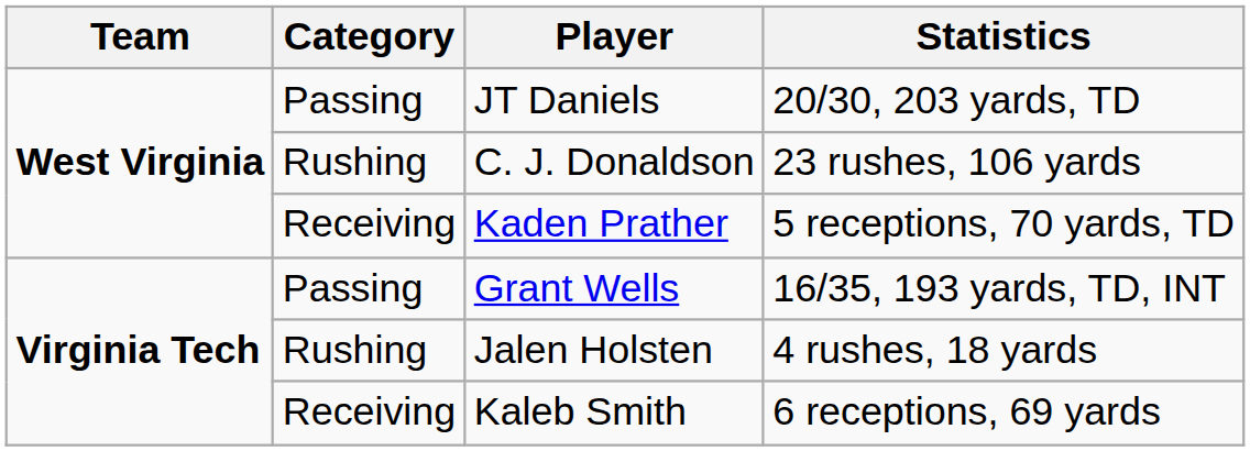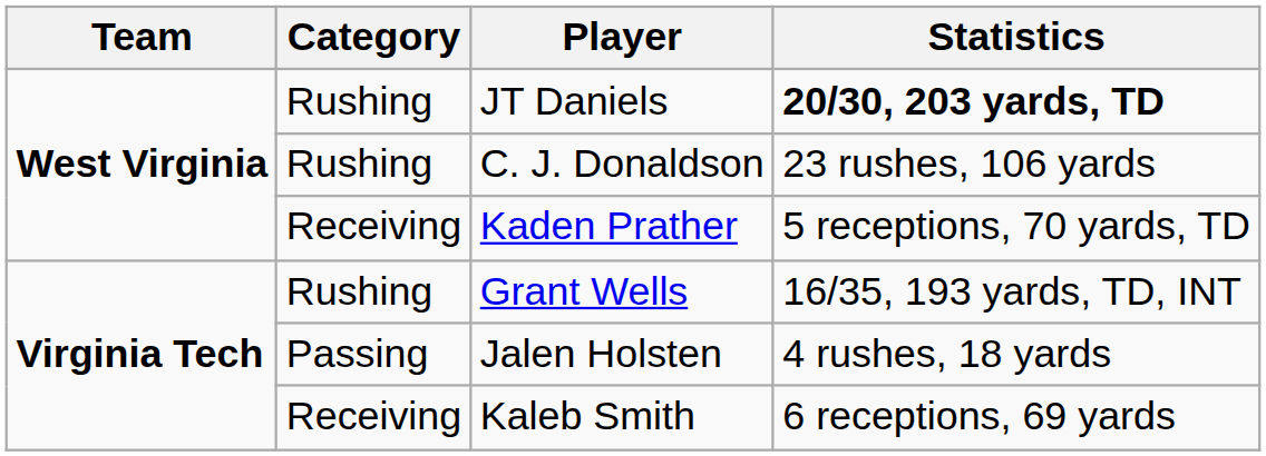 <table class="wikitable" style="float: right;">
 <tr>
 <th>Team</th>
 <th>Category</th>
 <th>Player</th>
 <th>Statistics</th>
 </tr>
 <tr>
 <td rowspan=3><strong>West Virginia</strong></td>
-<td>Passing</td>
+<td>Rushing</td>
 <td>JT Daniels</td>
-<td>20/30, 203 yards, TD</td>
+<td><strong>20/30, 203 yards, TD</strong></td>
 </tr>
 <tr>
 <td>Rushing</td>
 <td>C. J. Donaldson</td>
 <td>23 rushes, 106 yards</td>
 </tr>
 <tr>
 <td>Receiving</td>
 <td><a href='#'>Kaden Prather</a></td>
 <td>5 receptions, 70 yards, TD</td>
 </tr>
 <tr>
 <td rowspan=3><strong>Virginia Tech</strong></td>
-<td>Passing</td>
+<td>Rushing</td>
 <td><a href='#'>Grant Wells</a></td>
 <td>16/35, 193 yards, TD, INT</td>
 </tr>
 <tr>
-<td>Rushing</td>
+<td>Passing</td>
 <td>Jalen Holsten</td>
 <td>4 rushes, 18 yards</td>
 </tr>
 <tr>
 <td>Receiving</td>
 <td>Kaleb Smith</td>
 <td>6 receptions, 69 yards</td>
 </tr>
 </table>
